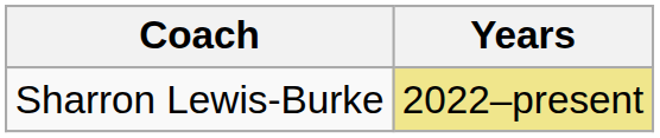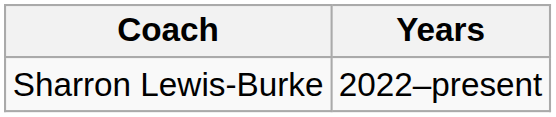 <table class="wikitable collapsible">
 <tr>
 <th>Coach</th>
 <th>Years</th>
 </tr>
 <tr>
 <td>Sharron Lewis-Burke</td>
-<td style="background: khaki;">2022–present</td>
+<td>2022–present</td>
 </tr>
 </table>
